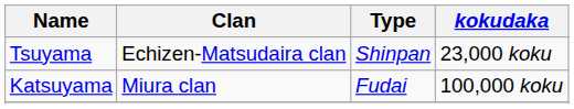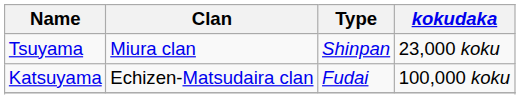 <table class="wikitable">
 <tr>
 <th>Name</th>
 <th>Clan</th>
 <th>Type</th>
 <th><em><a href='#'>kokudaka</a></em></th>
 </tr>
 <tr>
 <td> <a href='#'>Tsuyama</a></td>
-<td>Echizen-<a href='#'>Matsudaira clan</a></td>
+<td><a href='#'>Miura clan</a></td>
 <td><em><a href='#'>Shinpan</a></em></td>
 <td>23,000 <em>koku</em></td>
 </tr>
 <tr>
 <td> <a href='#'>Katsuyama</a></td>
-<td><a href='#'>Miura clan</a></td>
+<td>Echizen-<a href='#'>Matsudaira clan</a></td>
 <td><em><a href='#'>Fudai</a></em></td>
 <td>100,000 <em>koku</em></td>
 </tr>
 <tr>
 </tr>
 <tr>
 </tr>
 </table>
